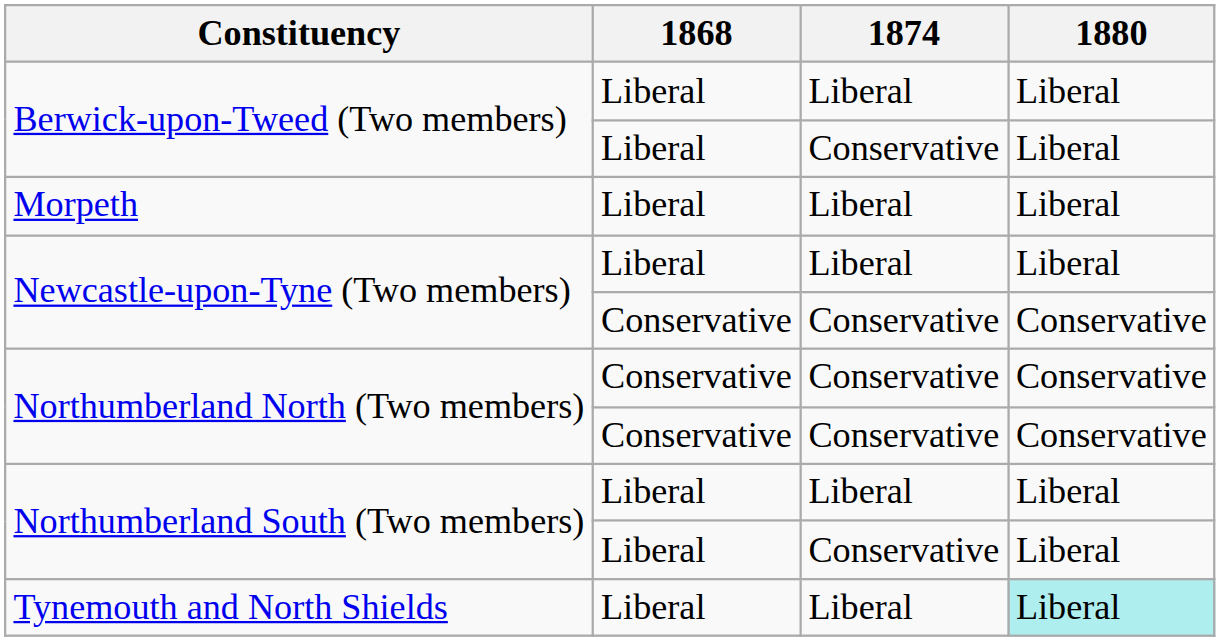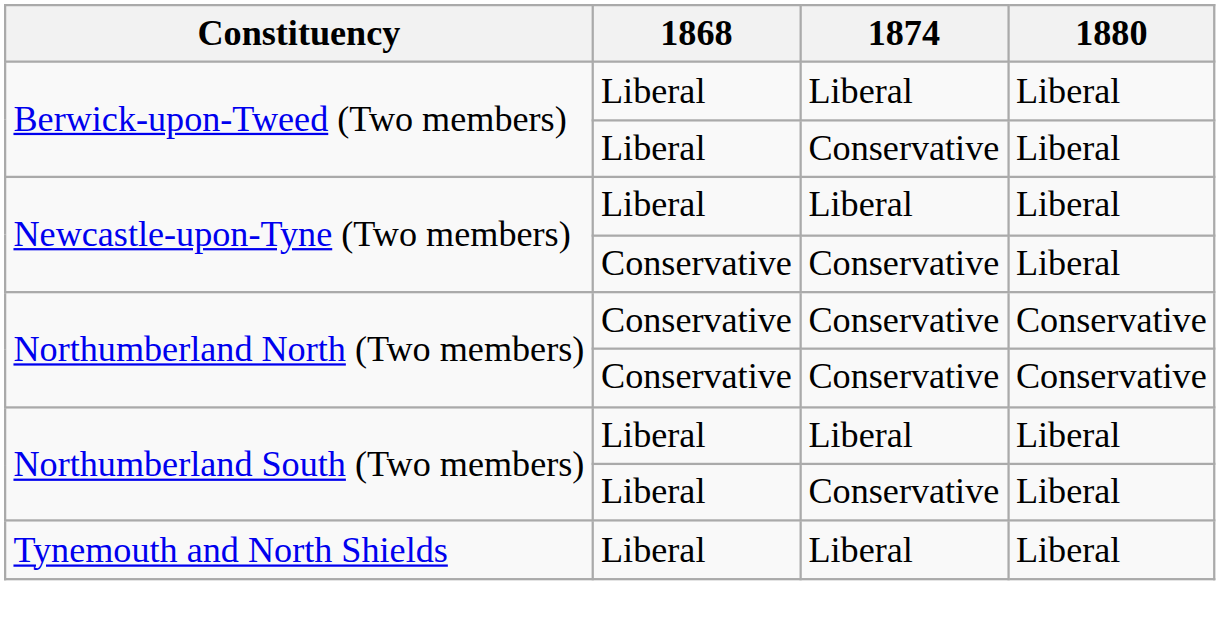 <table class="wikitable">
 <tr>
 <th>Constituency</th>
 <th>1868</th>
 <th>1874</th>
 <th>1880</th>
 </tr>
 <tr>
 <td rowspan="2"><a href='#'>Berwick-upon-Tweed</a> (Two members)</td>
 <td>Liberal</td>
 <td>Liberal</td>
 <td>Liberal</td>
 </tr>
 <tr>
 <td>Liberal</td>
 <td>Conservative</td>
 <td>Liberal</td>
 </tr>
 <tr>
-<td><a href='#'>Morpeth</a></td>
-<td>Liberal</td>
-<td>Liberal</td>
-<td>Liberal</td>
-</tr>
-<tr>
 <td rowspan="2"><a href='#'>Newcastle-upon-Tyne</a> (Two members)</td>
 <td>Liberal</td>
 <td>Liberal</td>
 <td>Liberal</td>
 </tr>
 <tr>
 <td>Conservative</td>
 <td>Conservative</td>
-<td>Conservative</td>
+<td>Liberal</td>
 </tr>
 <tr>
 <td rowspan="2"><a href='#'>Northumberland North</a> (Two members)</td>
 <td>Conservative</td>
 <td>Conservative</td>
 <td>Conservative</td>
 </tr>
 <tr>
 <td>Conservative</td>
 <td>Conservative</td>
 <td>Conservative</td>
 </tr>
 <tr>
 <td rowspan="2"><a href='#'>Northumberland South</a> (Two members)</td>
 <td>Liberal</td>
 <td>Liberal</td>
 <td>Liberal</td>
 </tr>
 <tr>
 <td>Liberal</td>
 <td>Conservative</td>
 <td>Liberal</td>
 </tr>
 <tr>
 <td><a href='#'>Tynemouth and North Shields</a></td>
 <td>Liberal</td>
 <td>Liberal</td>
-<td style="background: paleturquoise;">Liberal</td>
+<td>Liberal</td>
 </tr>
 </table>
